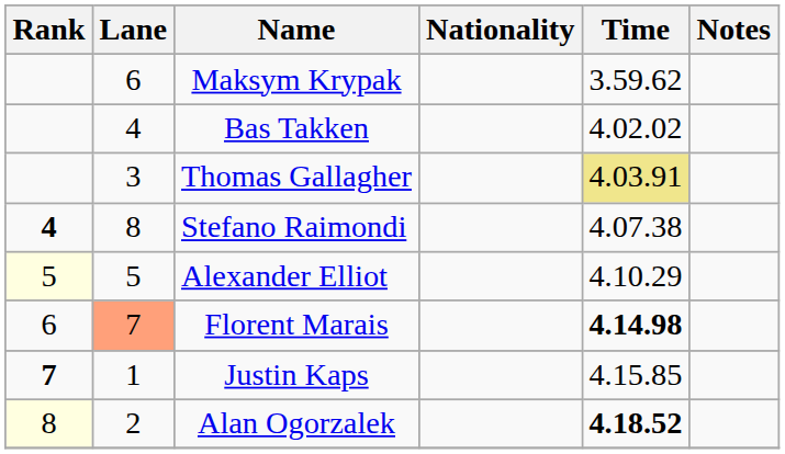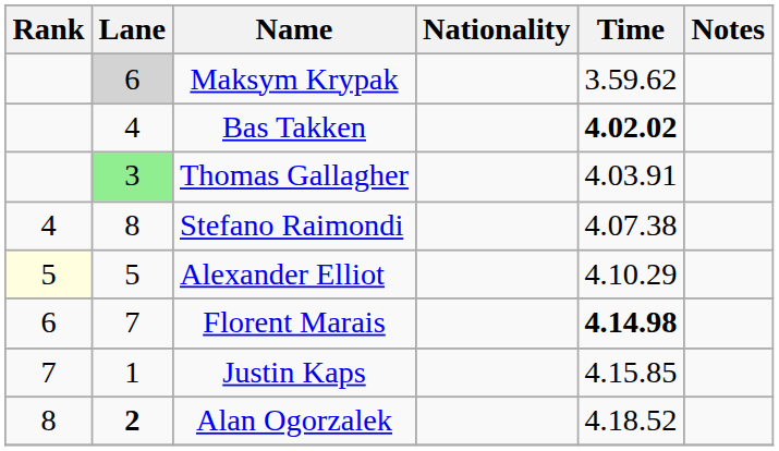 <table class="wikitable sortable" style="text-align:center">
 <tr>
 <th>Rank</th>
 <th>Lane</th>
 <th>Name</th>
 <th>Nationality</th>
 <th>Time</th>
 <th>Notes</th>
 </tr>
 <tr>
 <td></td>
-<td>6</td>
+<td style="background: lightgrey;">6</td>
 <td><a href='#'>Maksym Krypak</a></td>
 <td></td>
 <td align=left>3.59.62</td>
 <td></td>
 </tr>
 <tr>
 <td></td>
 <td>4</td>
 <td><a href='#'>Bas Takken</a></td>
 <td></td>
-<td align=left>4.02.02</td>
+<td align=left><strong>4.02.02</strong></td>
 <td></td>
 </tr>
 <tr>
 <td></td>
-<td>3</td>
+<td style="background: lightgreen;">3</td>
 <td><a href='#'>Thomas Gallagher</a></td>
 <td></td>
-<td align=left style="background: khaki;">4.03.91</td>
+<td align=left>4.03.91</td>
 <td></td>
 </tr>
 <tr>
-<td><strong>4</strong></td>
+<td>4</td>
 <td>8</td>
 <td align=left><a href='#'>Stefano Raimondi</a></td>
 <td></td>
 <td align=left>4.07.38</td>
 <td></td>
 </tr>
 <tr>
 <td style="background: lightyellow;">5</td>
 <td>5</td>
 <td align=left><a href='#'>Alexander Elliot</a></td>
 <td></td>
 <td align=left>4.10.29</td>
 <td></td>
 </tr>
 <tr>
 <td>6</td>
-<td style="background: lightsalmon;">7</td>
+<td>7</td>
 <td><a href='#'>Florent Marais</a></td>
 <td></td>
 <td align=left><strong>4.14.98</strong></td>
 <td></td>
 </tr>
 <tr>
-<td><strong>7</strong></td>
+<td>7</td>
 <td>1</td>
 <td><a href='#'>Justin Kaps</a></td>
 <td></td>
 <td align=left>4.15.85</td>
 <td></td>
 </tr>
 <tr>
-<td style="background: lightyellow;">8</td>
-<td>2</td>
+<td>8</td>
+<td><strong>2</strong></td>
 <td><a href='#'>Alan Ogorzalek</a></td>
 <td></td>
-<td align=left><strong>4.18.52</strong></td>
+<td align=left>4.18.52</td>
 <td></td>
 </tr>
 <tr>
 </tr>
 </table>
